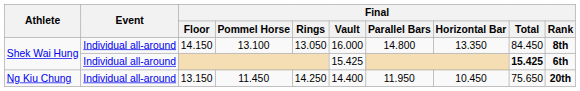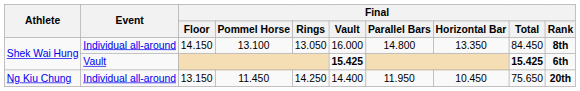 <table class=wikitable style="font-size:90%">
 <tr>
 <th rowspan=2>Athlete</th>
 <th rowspan=2>Event</th>
 <th colspan=8>Final</th>
 </tr>
 <tr>
 <th>Floor</th>
 <th>Pommel Horse</th>
 <th>Rings</th>
 <th>Vault</th>
 <th>Parallel Bars</th>
 <th>Horizontal Bar</th>
 <th>Total</th>
 <th>Rank</th>
 </tr>
 <tr>
 <td rowspan=2><a href='#'>Shek Wai Hung</a></td>
 <td><a href='#'>Individual all-around</a></td>
 <td align=center>14.150</td>
 <td align=center>13.100</td>
 <td align=center>13.050</td>
 <td align=center>16.000</td>
 <td align=center>14.800</td>
 <td align=center>13.350</td>
 <td align=center>84.450</td>
 <td align=center><strong>8th</strong></td>
 </tr>
 <tr>
-<td><a href='#'>Individual all-around</a></td>
+<td><a href='#'>Vault</a></td>
 <td colspan="3" style="background:wheat;"></td>
-<td align=center>15.425</td>
+<td align=center><strong>15.425</strong></td>
 <td colspan="2" style="background:wheat;"></td>
 <td align=center><strong>15.425</strong></td>
 <td align=center><strong>6th</strong></td>
 </tr>
 <tr>
 <td><a href='#'>Ng Kiu Chung</a></td>
 <td><a href='#'>Individual all-around</a></td>
 <td align=center>13.150</td>
 <td align=center>11.450</td>
 <td align=center>14.250</td>
 <td align=center>14.400</td>
 <td align=center>11.950</td>
 <td align=center>10.450</td>
 <td align=center>75.650</td>
 <td align=center><strong>20th</strong></td>
 </tr>
 </table>
